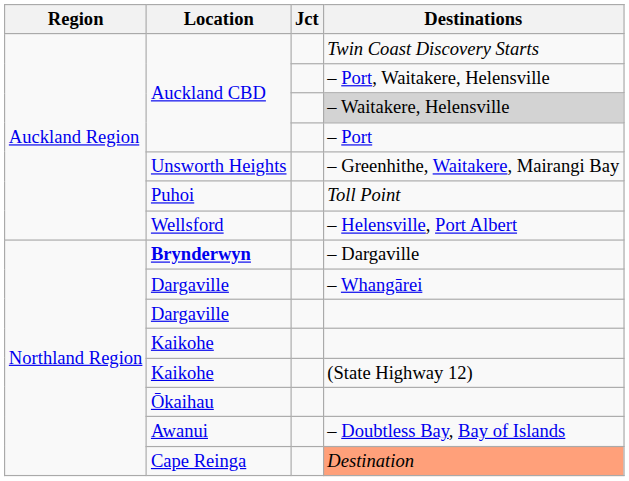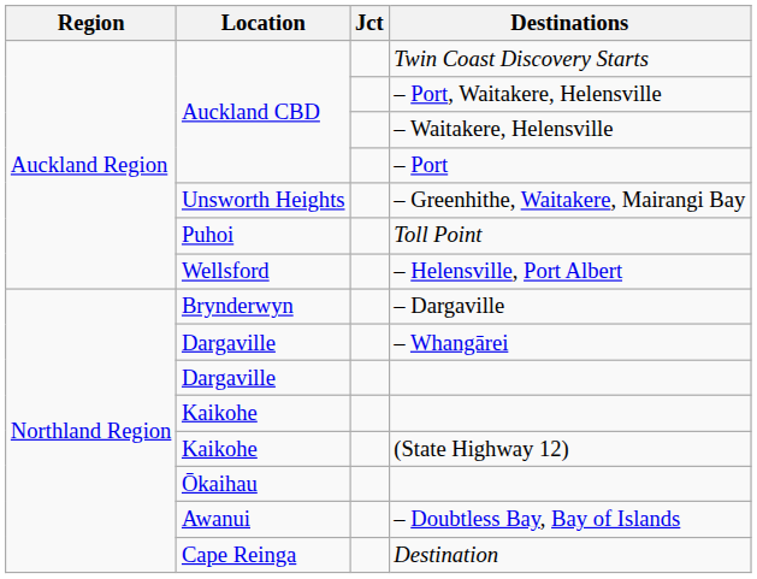 <table class="wikitable">
 <tr>
 <th>Region</th>
 <th>Location</th>
 <th>Jct</th>
 <th>Destinations</th>
 </tr>
 <tr>
 <td rowspan="7"><a href='#'>Auckland Region</a></td>
 <td rowspan="4"><a href='#'>Auckland CBD</a></td>
 <td></td>
 <td><em>Twin Coast Discovery Starts</em></td>
 </tr>
 <tr>
 <td></td>
 <td> – <a href='#'>Port</a>, Waitakere, Helensville</td>
 </tr>
 <tr>
 <td></td>
-<td style="background: lightgrey;"> – Waitakere, Helensville</td>
+<td> – Waitakere, Helensville</td>
 </tr>
 <tr>
 <td></td>
 <td> – <a href='#'>Port</a></td>
 </tr>
 <tr>
 <td><a href='#'>Unsworth Heights</a></td>
 <td></td>
 <td> – Greenhithe, <a href='#'>Waitakere</a>, Mairangi Bay</td>
 </tr>
 <tr>
 <td><a href='#'>Puhoi</a></td>
 <td></td>
 <td><em>Toll Point</em></td>
 </tr>
 <tr>
 <td><a href='#'>Wellsford</a></td>
 <td></td>
 <td> – <a href='#'>Helensville</a>, <a href='#'>Port Albert</a></td>
 </tr>
 <tr>
 <td rowspan="8"><a href='#'>Northland Region</a></td>
-<td><strong><a href='#'>Brynderwyn</a></strong></td>
+<td><a href='#'>Brynderwyn</a></td>
 <td></td>
 <td> – Dargaville</td>
 </tr>
 <tr>
 <td><a href='#'>Dargaville</a></td>
 <td></td>
 <td> – <a href='#'>Whangārei</a></td>
 </tr>
 <tr>
 <td><a href='#'>Dargaville</a></td>
 <td></td>
 <td></td>
 </tr>
 <tr>
 <td><a href='#'>Kaikohe</a></td>
 <td></td>
 <td></td>
 </tr>
 <tr>
 <td><a href='#'>Kaikohe</a></td>
 <td></td>
 <td> (State Highway 12)</td>
 </tr>
 <tr>
 <td><a href='#'>Ōkaihau</a></td>
 <td></td>
 <td></td>
 </tr>
 <tr>
 <td><a href='#'>Awanui</a></td>
 <td></td>
 <td> – <a href='#'>Doubtless Bay</a>, <a href='#'>Bay of Islands</a></td>
 </tr>
 <tr>
 <td><a href='#'>Cape Reinga</a></td>
 <td></td>
-<td style="background: lightsalmon;"><em>Destination</em></td>
+<td><em>Destination</em></td>
 </tr>
 </table>
